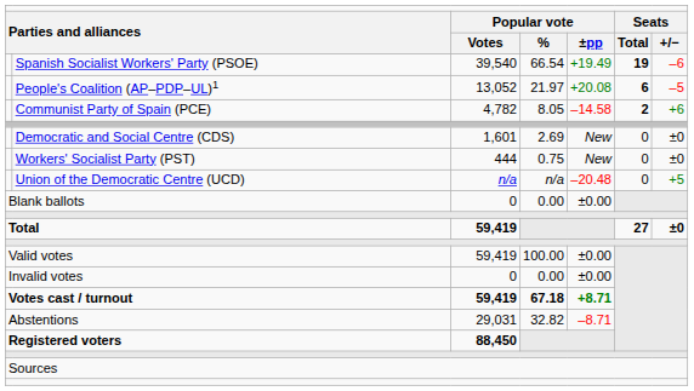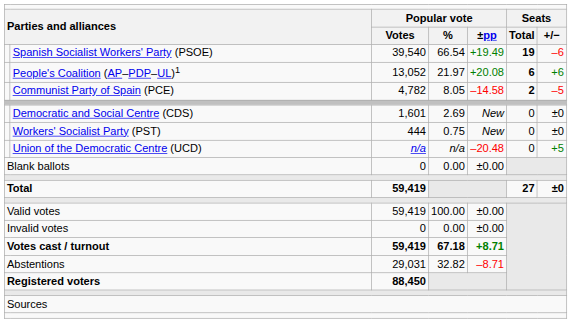 <table class="wikitable" style="text-align:right;">
 <tr>
 <td colspan="7"></td>
 </tr>
 <tr>
 <th style="text-align:left;" rowspan="2" colspan="2" width="525">Parties and alliances</th>
 <th colspan="3">Popular vote</th>
 <th colspan="2">Seats</th>
 </tr>
 <tr>
 <th width="75">Votes</th>
 <th width="45">%</th>
 <th width="45">±<a href='#'>pp</a></th>
 <th width="35">Total</th>
 <th width="35">+/−</th>
 </tr>
 <tr>
 <td width="1" style="color:inherit;background:"></td>
 <td align="left"><a href='#'>Spanish Socialist Workers' Party</a> (PSOE)</td>
 <td>39,540</td>
 <td>66.54</td>
 <td style="color:green;">+19.49</td>
 <td><strong>19</strong></td>
 <td style="color:red;">–6</td>
 </tr>
 <tr>
 <td style="color:inherit;background:"></td>
 <td align="left"><a href='#'>People's Coalition</a> (<a href='#'>AP</a>–<a href='#'>PDP</a>–<a href='#'>UL</a>)<sup>1</sup></td>
 <td>13,052</td>
 <td>21.97</td>
 <td style="color:green;">+20.08</td>
 <td><strong>6</strong></td>
-<td style="color:red;">–5</td>
+<td style="color:green;">+6</td>
 </tr>
 <tr>
 <td style="color:inherit;background:"></td>
 <td align="left"><a href='#'>Communist Party of Spain</a> (PCE)</td>
 <td>4,782</td>
 <td>8.05</td>
 <td style="color:red;">–14.58</td>
 <td><strong>2</strong></td>
-<td style="color:green;">+6</td>
+<td style="color:red;">–5</td>
 </tr>
 <tr>
 <td colspan="7" bgcolor="#C0C0C0"></td>
 </tr>
 <tr>
 <td style="color:inherit;background:"></td>
 <td align="left"><a href='#'>Democratic and Social Centre</a> (CDS)</td>
 <td>1,601</td>
 <td>2.69</td>
 <td><em>New</em></td>
 <td>0</td>
 <td>±0</td>
 </tr>
 <tr>
 <td style="color:inherit;background:"></td>
 <td align="left"><a href='#'>Workers' Socialist Party</a> (PST)</td>
 <td>444</td>
 <td>0.75</td>
 <td><em>New</em></td>
 <td>0</td>
 <td>±0</td>
 </tr>
 <tr>
 <td style="color:inherit;background:"></td>
 <td align="left"><a href='#'>Union of the Democratic Centre</a> (UCD)</td>
 <td><em><a href='#'>n/a</a></em></td>
 <td><em>n/a</em></td>
 <td style="color:red;">–20.48</td>
 <td>0</td>
 <td style="color:green;">+5</td>
 </tr>
 <tr>
 <td align="left" colspan="2">Blank ballots</td>
 <td>0</td>
 <td>0.00</td>
 <td>±0.00</td>
 <td bgcolor="#E9E9E9" colspan="2"></td>
 </tr>
 <tr>
 <td colspan="7" bgcolor="#E9E9E9"></td>
 </tr>
 <tr style="font-weight:bold;">
 <td align="left" colspan="2">Total</td>
 <td>59,419</td>
 <td bgcolor="#E9E9E9" colspan="2"></td>
 <td>27</td>
 <td>±0</td>
 </tr>
 <tr>
 <td colspan="7" bgcolor="#E9E9E9"></td>
 </tr>
 <tr>
 <td align="left" colspan="2">Valid votes</td>
 <td>59,419</td>
 <td>100.00</td>
 <td>±0.00</td>
 <td bgcolor="#E9E9E9" colspan="2" rowspan="5"></td>
 </tr>
 <tr>
 <td align="left" colspan="2">Invalid votes</td>
 <td>0</td>
 <td>0.00</td>
 <td>±0.00</td>
 </tr>
 <tr style="font-weight:bold;">
 <td align="left" colspan="2">Votes cast / turnout</td>
 <td>59,419</td>
 <td>67.18</td>
 <td style="color:green;">+8.71</td>
 </tr>
 <tr>
 <td align="left" colspan="2">Abstentions</td>
 <td>29,031</td>
 <td>32.82</td>
 <td style="color:red;">–8.71</td>
 </tr>
 <tr style="font-weight:bold;">
 <td align="left" colspan="2">Registered voters</td>
 <td>88,450</td>
 <td bgcolor="#E9E9E9" colspan="2"></td>
 </tr>
 <tr>
 <td colspan="7" bgcolor="#E9E9E9"></td>
 </tr>
 <tr>
 <td align="left" colspan="7">Sources</td>
 </tr>
 <tr>
 <td colspan="7" style="text-align:left; max-width:790px;"></td>
 </tr>
 </table>
